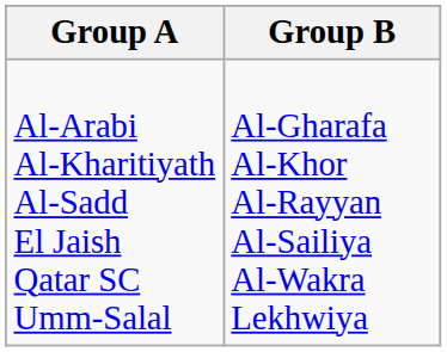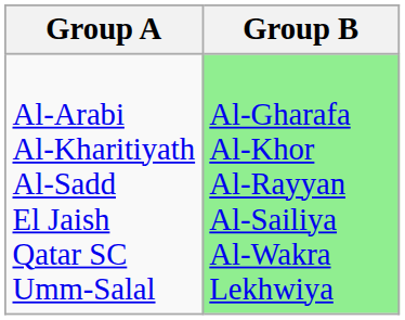 <table class="wikitable">
 <tr>
 <th width=50%>Group A</th>
 <th width=50%>Group B</th>
 </tr>
 <tr>
 <td><br><a href='#'>Al-Arabi</a> <br> <a href='#'>Al-Kharitiyath</a> <br> <a href='#'>Al-Sadd</a> <br> <a href='#'>El Jaish</a> <br> <a href='#'>Qatar SC</a> <br> <a href='#'>Umm-Salal</a></td>
-<td><br><a href='#'>Al-Gharafa</a> <br> <a href='#'>Al-Khor</a> <br> <a href='#'>Al-Rayyan</a> <br> <a href='#'>Al-Sailiya</a> <br> <a href='#'>Al-Wakra</a> <br> <a href='#'>Lekhwiya</a> <br></td>
+<td style="background: lightgreen;"><br><a href='#'>Al-Gharafa</a> <br> <a href='#'>Al-Khor</a> <br> <a href='#'>Al-Rayyan</a> <br> <a href='#'>Al-Sailiya</a> <br> <a href='#'>Al-Wakra</a> <br> <a href='#'>Lekhwiya</a> <br></td>
 </tr>
 </table>
